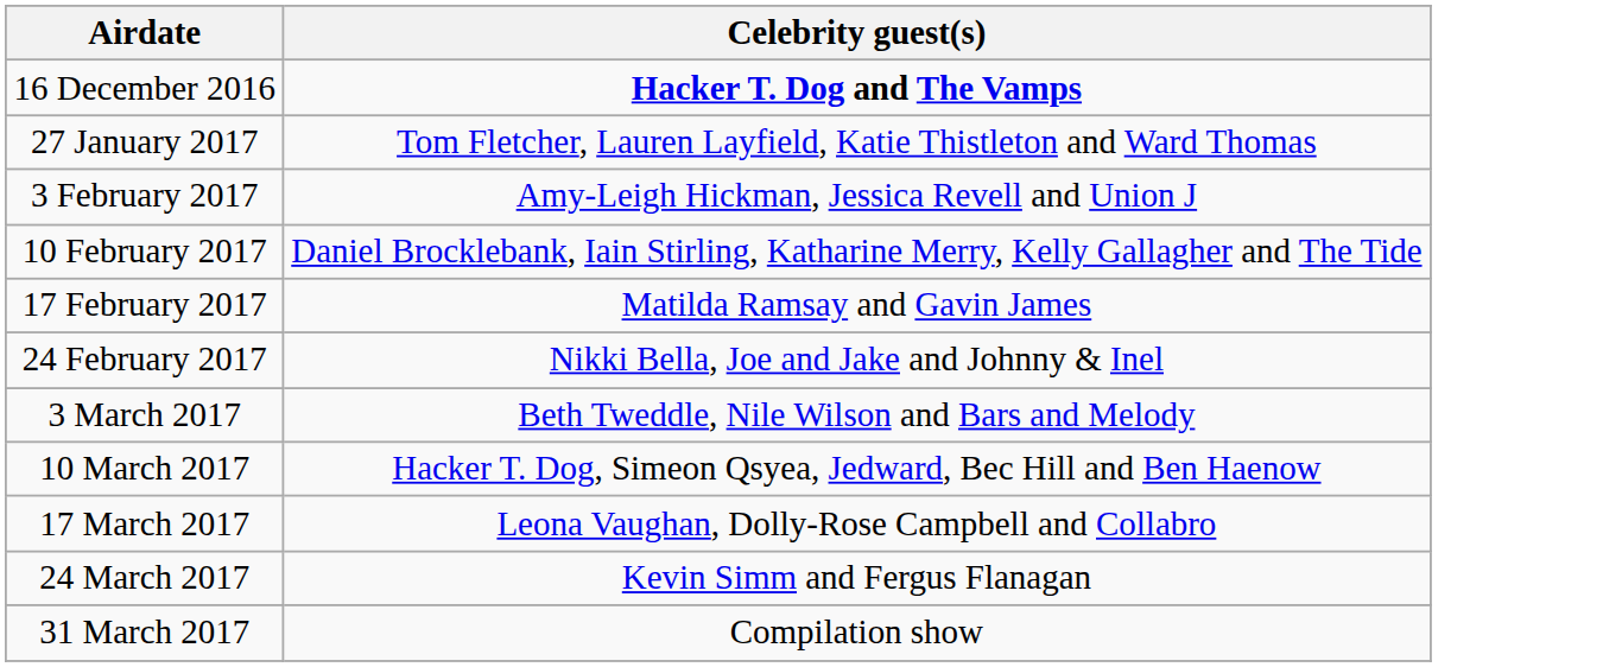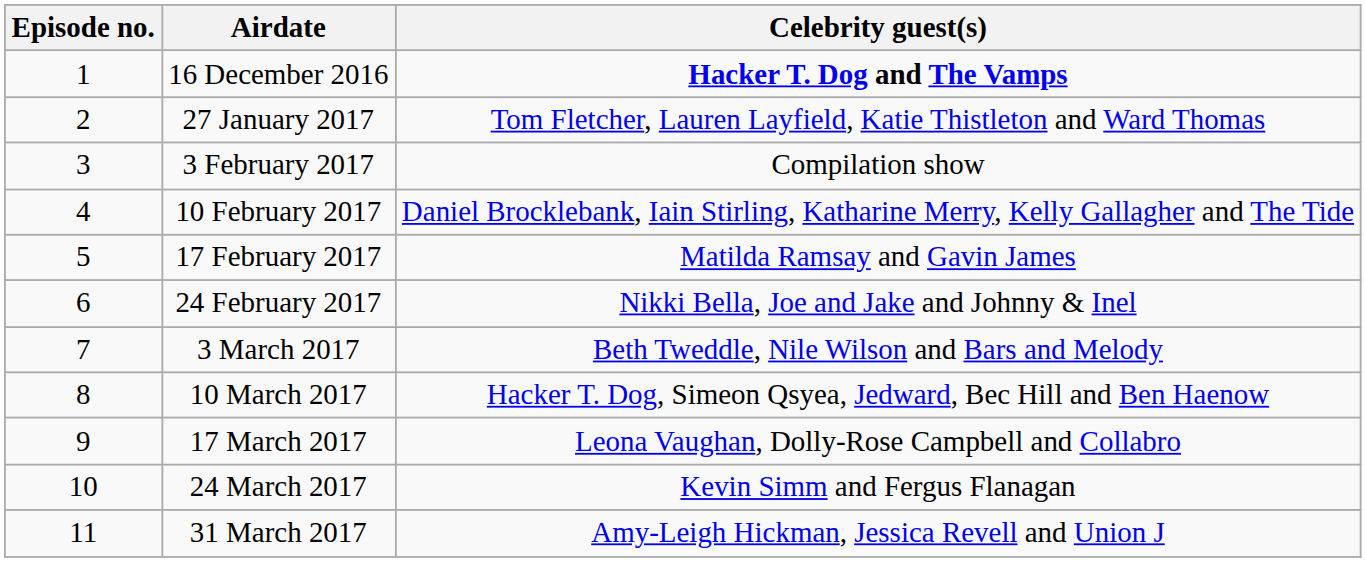 <table class="wikitable" style="text-align: center;">
 <tr>
+<th>Episode no.</th>
 <th>Airdate</th>
 <th>Celebrity guest(s)</th>
 </tr>
 <tr>
+<td>1</td>
 <td>16 December 2016</td>
 <td><strong><a href='#'>Hacker T. Dog</a> and <a href='#'>The Vamps</a></strong></td>
 </tr>
 <tr>
+<td>2</td>
 <td>27 January 2017</td>
 <td><a href='#'>Tom Fletcher</a>, <a href='#'>Lauren Layfield</a>, <a href='#'>Katie Thistleton</a> and <a href='#'>Ward Thomas</a></td>
 </tr>
 <tr>
+<td>3</td>
 <td>3 February 2017</td>
-<td><a href='#'>Amy-Leigh Hickman</a>, <a href='#'>Jessica Revell</a> and <a href='#'>Union J</a></td>
+<td>Compilation show</td>
 </tr>
 <tr>
+<td>4</td>
 <td>10 February 2017</td>
 <td><a href='#'>Daniel Brocklebank</a>, <a href='#'>Iain Stirling</a>, <a href='#'>Katharine Merry</a>, <a href='#'>Kelly Gallagher</a> and <a href='#'>The Tide</a></td>
 </tr>
 <tr>
+<td>5</td>
 <td>17 February 2017</td>
 <td><a href='#'>Matilda Ramsay</a> and <a href='#'>Gavin James</a></td>
 </tr>
 <tr>
+<td>6</td>
 <td>24 February 2017</td>
 <td><a href='#'>Nikki Bella</a>, <a href='#'>Joe and Jake</a> and Johnny & <a href='#'>Inel</a></td>
 </tr>
 <tr>
+<td>7</td>
 <td>3 March 2017</td>
 <td><a href='#'>Beth Tweddle</a>, <a href='#'>Nile Wilson</a> and <a href='#'>Bars and Melody</a></td>
 </tr>
 <tr>
+<td>8</td>
 <td>10 March 2017</td>
 <td><a href='#'>Hacker T. Dog</a>, Simeon Qsyea, <a href='#'>Jedward</a>, Bec Hill and <a href='#'>Ben Haenow</a></td>
 </tr>
 <tr>
+<td>9</td>
 <td>17 March 2017</td>
 <td><a href='#'>Leona Vaughan</a>, Dolly-Rose Campbell and <a href='#'>Collabro</a></td>
 </tr>
 <tr>
+<td>10</td>
 <td>24 March 2017</td>
 <td><a href='#'>Kevin Simm</a> and Fergus Flanagan</td>
 </tr>
 <tr>
+<td>11</td>
 <td>31 March 2017</td>
-<td>Compilation show</td>
+<td><a href='#'>Amy-Leigh Hickman</a>, <a href='#'>Jessica Revell</a> and <a href='#'>Union J</a></td>
 </tr>
 </table>
